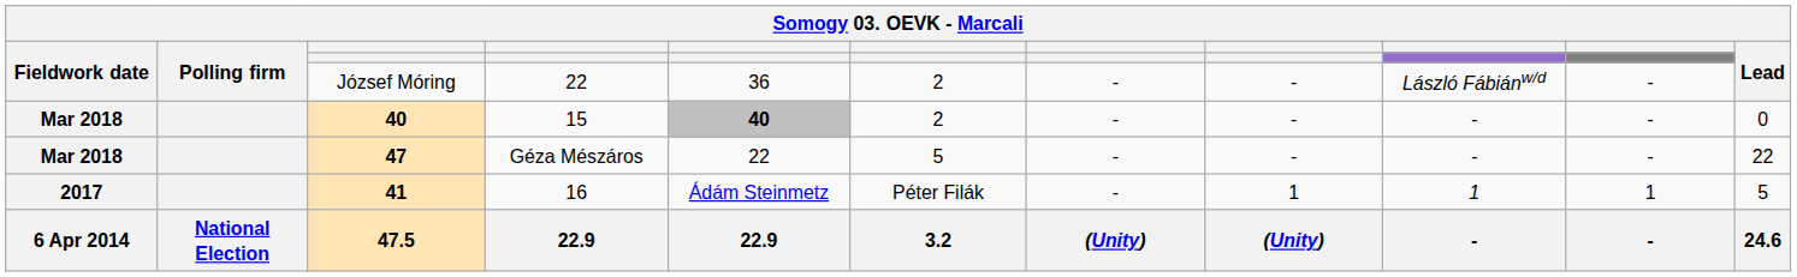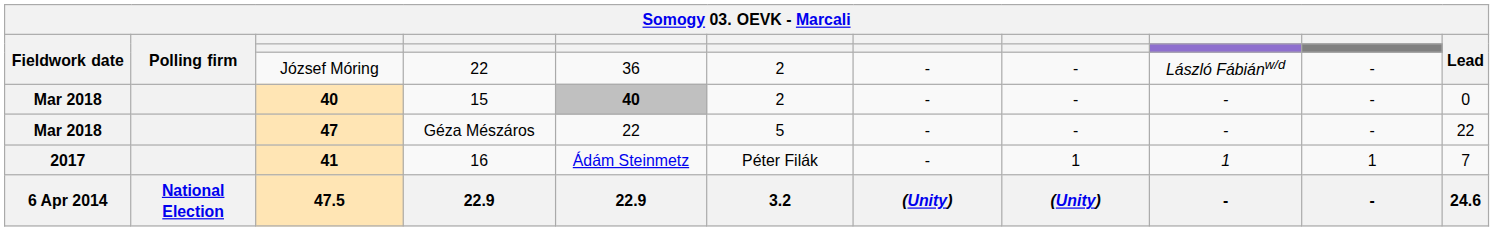 <table class="wikitable mw-collapsible mw-collapsed" style="text-align:center">
 <tr>
 <th colspan="11" style="width: 980pt;"><small><a href='#'>Somogy</a> 03.</small> <small>OEVK - <a href='#'>Marcali</a></small></th>
 </tr>
 <tr>
 <th rowspan="3" style="width: 80pt;"><small>Fieldwork</small> <small>date</small></th>
 <th rowspan="3" style="width: 80pt;"><strong><small>Polling</small> <small>firm</small></strong></th>
 <th style="width: 100pt;"><small></small></th>
 <th style="width: 100pt;"><small> </small></th>
 <th style="width: 100pt;"></th>
 <th style="width: 100pt;"></th>
 <th style="width: 100pt;"></th>
 <th style="width: 100pt;"></th>
 <th style="width: 100pt;"></th>
 <th style="width: 100pt;"></th>
 <th rowspan="3" style="width: 20pt;"><small>Lead</small></th>
 </tr>
 <tr>
 <th style="color:inherit;background:"></th>
 <th style="color:inherit;background:"></th>
 <th style="color:inherit;background:"></th>
 <th style="color:inherit;background:"></th>
 <th style="color:inherit;background:"></th>
 <th style="color:inherit;background:"></th>
 <th style="color:inherit;background:#8E6FCE;"></th>
 <th style="color:inherit;background:#808080;"></th>
 </tr>
 <tr>
 <td><small>József Móring</small></td>
 <td><small>22</small></td>
 <td><small>36</small></td>
 <td><small>2</small></td>
 <td><small>-</small></td>
 <td><small>-</small></td>
 <td><em><small>László Fábián<sup>w/d</sup></small></em></td>
 <td><small>-</small></td>
 </tr>
 <tr>
 <th><small>Mar 2018</small></th>
 <th></th>
 <td style="background:#FFE5B4"><small><strong>40</strong></small></td>
 <td><small>15</small></td>
 <td style="background:#C0C0C0"><small><strong>40</strong></small></td>
 <td><small>2</small></td>
 <td><small>-</small></td>
 <td><small>-</small></td>
 <td><em><small>-</small></em></td>
 <td><small>-</small></td>
 <td><small>0</small></td>
 </tr>
 <tr>
 <th><small>Mar 2018</small></th>
 <th><small></small></th>
 <td style="background:#FFE5B4"><small><strong>47</strong></small></td>
 <td><small>Géza Mészáros</small></td>
 <td><small>22</small></td>
 <td><small>5</small></td>
 <td><small>-</small></td>
 <td><small>-</small></td>
 <td><em><small>-</small></em></td>
 <td><small>-</small></td>
 <td style="background:"><small>22</small></td>
 </tr>
 <tr>
 <th><small>2017</small></th>
 <th><small></small></th>
 <td style="background:#FFE5B4"><small><strong>41</strong></small></td>
 <td><small>16</small></td>
 <td><a href='#'><small>Ádám Steinmetz</small></a></td>
 <td><small>Péter Filák</small></td>
 <td><small>-</small></td>
 <td><small>1</small></td>
 <td><em><small>1</small></em></td>
 <td><small>1</small></td>
-<td style="background:"><small>5</small></td>
+<td style="background:"><small>7</small></td>
 </tr>
 <tr>
 <th><small>6 Apr 2014</small></th>
 <th><a href='#'><small>National Election</small></a></th>
 <th style="background:#FFE5B4"><small>47.5</small></th>
 <th><small>22.9</small></th>
 <th><small>22.9</small></th>
 <th><small>3.2</small></th>
 <th><small><em>(<a href='#'>Unity</a>)</em></small></th>
 <th><small><em>(<a href='#'>Unity</a>)</em></small></th>
 <th><small>-</small></th>
 <th><small>-</small></th>
 <th style="background:"><small>24.6</small></th>
 </tr>
 </table>
